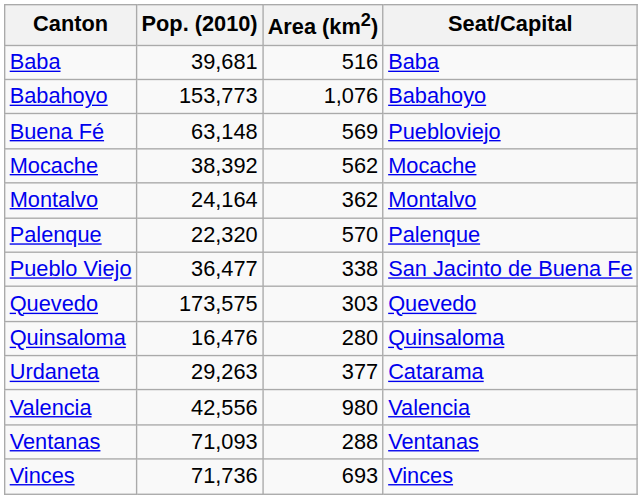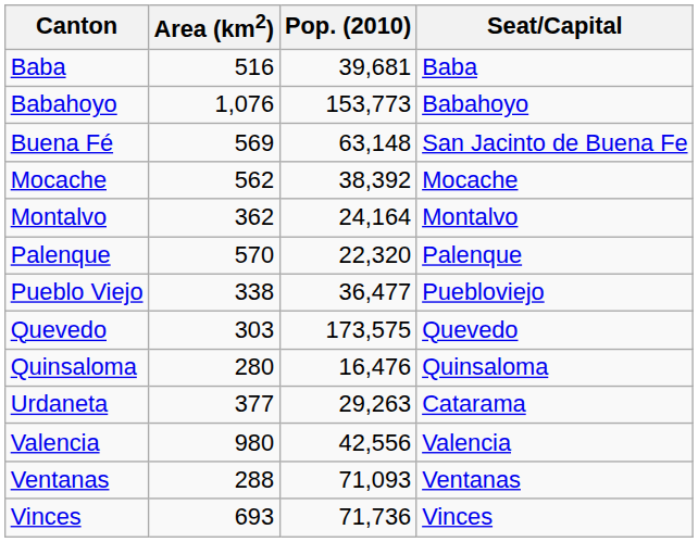 <table class="wikitable sortable6">
 <tr>
 <th>Canton</th>
+<th>Area (km<sup>2</sup>)</th>
 <th>Pop. (2010)</th>
-<th>Area (km<sup>2</sup>)</th>
 <th>Seat/Capital</th>
 </tr>
 <tr>
 <td><a href='#'>Baba</a></td>
+<td align=right>516</td>
 <td align=right>39,681</td>
-<td align=right>516</td>
 <td><a href='#'>Baba</a></td>
 </tr>
 <tr>
 <td><a href='#'>Babahoyo</a></td>
+<td align=right>1,076</td>
 <td align=right>153,773</td>
-<td align=right>1,076</td>
 <td><a href='#'>Babahoyo</a></td>
 </tr>
 <tr>
 <td><a href='#'>Buena Fé</a></td>
+<td align=right>569</td>
 <td align=right>63,148</td>
-<td align=right>569</td>
-<td><a href='#'>Puebloviejo</a></td>
+<td><a href='#'>San Jacinto de Buena Fe</a></td>
 </tr>
 <tr>
 <td><a href='#'>Mocache</a></td>
+<td align=right>562</td>
 <td align=right>38,392</td>
-<td align=right>562</td>
 <td><a href='#'>Mocache</a></td>
 </tr>
 <tr>
 <td><a href='#'>Montalvo</a></td>
+<td align=right>362</td>
 <td align=right>24,164</td>
-<td align=right>362</td>
 <td><a href='#'>Montalvo</a></td>
 </tr>
 <tr>
 <td><a href='#'>Palenque</a></td>
+<td align=right>570</td>
 <td align=right>22,320</td>
-<td align=right>570</td>
 <td><a href='#'>Palenque</a></td>
 </tr>
 <tr>
 <td><a href='#'>Pueblo Viejo</a></td>
+<td align=right>338</td>
 <td align=right>36,477</td>
-<td align=right>338</td>
-<td><a href='#'>San Jacinto de Buena Fe</a></td>
+<td><a href='#'>Puebloviejo</a></td>
 </tr>
 <tr>
 <td><a href='#'>Quevedo</a></td>
+<td align=right>303</td>
 <td align=right>173,575</td>
-<td align=right>303</td>
 <td><a href='#'>Quevedo</a></td>
 </tr>
 <tr>
 <td><a href='#'>Quinsaloma</a></td>
+<td align=right>280</td>
 <td align=right>16,476</td>
-<td align=right>280</td>
 <td><a href='#'>Quinsaloma</a></td>
 </tr>
 <tr>
 <td><a href='#'>Urdaneta</a></td>
+<td align=right>377</td>
 <td align=right>29,263</td>
-<td align=right>377</td>
 <td><a href='#'>Catarama</a></td>
 </tr>
 <tr>
 <td><a href='#'>Valencia</a></td>
+<td align=right>980</td>
 <td align=right>42,556</td>
-<td align=right>980</td>
 <td><a href='#'>Valencia</a></td>
 </tr>
 <tr>
 <td><a href='#'>Ventanas</a></td>
+<td align=right>288</td>
 <td align=right>71,093</td>
-<td align=right>288</td>
 <td><a href='#'>Ventanas</a></td>
 </tr>
 <tr>
 <td><a href='#'>Vinces</a></td>
+<td align=right>693</td>
 <td align=right>71,736</td>
-<td align=right>693</td>
 <td><a href='#'>Vinces</a></td>
 </tr>
 </table>
